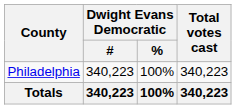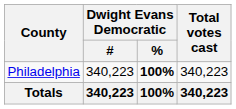 <table width="40%"  class="wikitable sortable" style="text-align:center">
 <tr>
 <th rowspan="2">County</th>
 <th style="text-align:center;" colspan="2">Dwight Evans<br>Democratic</th>
 <th rowspan="2" style="text-align:center;">Total votes cast</th>
 </tr>
 <tr>
 <th style="text-align:center;" data-sort-type="number">#</th>
 <th style="text-align:center;" data-sort-type="number">%</th>
 </tr>
 <tr style="text-align:center;">
 <td><a href='#'>Philadelphia</a></td>
 <td>340,223</td>
-<td>100%</td>
+<td><strong>100%</strong></td>
 <td>340,223</td>
 </tr>
 <tr style="text-align:center;">
 <th>Totals</th>
 <th>340,223</th>
 <th>100%</th>
 <th>340,223</th>
 </tr>
 </table>
